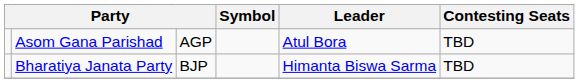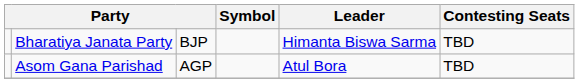 <table class="wikitable">
 <tr>
 <th colspan="3">Party</th>
 <th>Symbol</th>
 <th>Leader</th>
 <th>Contesting Seats</th>
+</tr>
+<tr>
+<td ! style="text-align:center; background:"></td>
+<td><a href='#'>Bharatiya Janata Party</a></td>
+<td>BJP</td>
+<td></td>
+<td><a href='#'>Himanta Biswa Sarma</a></td>
+<td>TBD</td>
 </tr>
 <tr>
 <td ! style="text-align:center; background:"></td>
 <td><a href='#'>Asom Gana Parishad</a></td>
 <td>AGP</td>
 <td></td>
 <td><a href='#'>Atul Bora</a></td>
 <td>TBD</td>
 </tr>
 <tr>
-<td ! style="text-align:center; background:"></td>
-<td><a href='#'>Bharatiya Janata Party</a></td>
-<td>BJP</td>
-<td></td>
-<td><a href='#'>Himanta Biswa Sarma</a></td>
-<td>TBD</td>
-</tr>
-<tr>
 </tr>
 </table>
